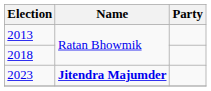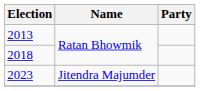 <table class="wikitable sortable">
 <tr>
 <th>Election</th>
 <th>Name</th>
 <th colspan=2>Party</th>
 </tr>
 <tr>
 <td><a href='#'>2013</a></td>
 <td rowspan=2><a href='#'>Ratan Bhowmik</a></td>
 <td></td>
 </tr>
 <tr>
 <td><a href='#'>2018</a></td>
 </tr>
 <tr>
 <td><a href='#'>2023</a></td>
-<td><strong><a href='#'>Jitendra Majumder</a></strong></td>
+<td><a href='#'>Jitendra Majumder</a></td>
 <td></td>
 </tr>
 <tr>
 </tr>
 </table>
